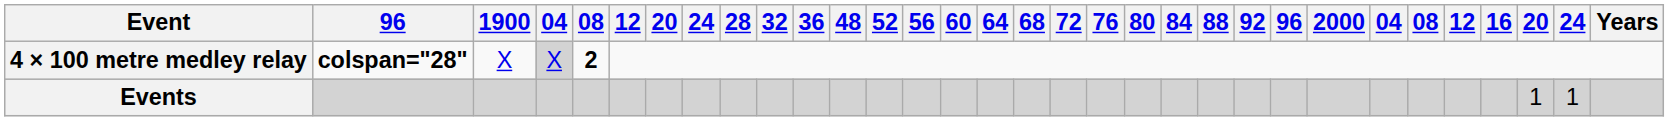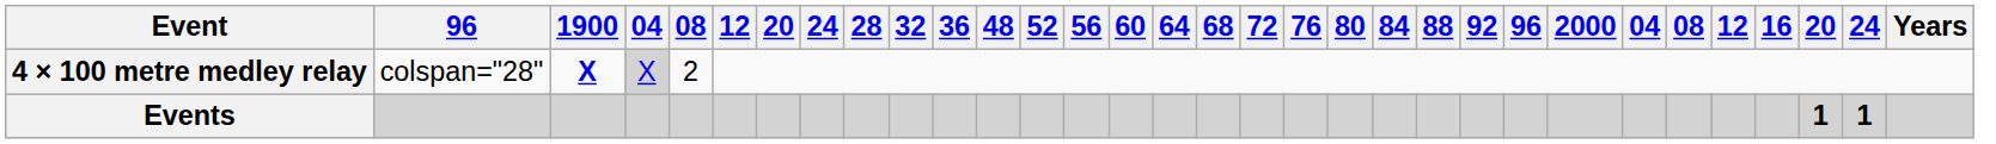 <table class="wikitable plainrowheaders sticky-table-row1 sticky-table-col1" style="text-align:center;">
 <tr>
 <th scope="col">Event</th>
 <th scope="col"><a href='#'>96</a></th>
 <th scope="col"><a href='#'>1900</a></th>
 <th scope="col"><a href='#'>04</a></th>
 <th scope="col"><a href='#'>08</a></th>
 <th scope="col"><a href='#'>12</a></th>
 <th scope="col"><a href='#'>20</a></th>
 <th scope="col"><a href='#'>24</a></th>
 <th scope="col"><a href='#'>28</a></th>
 <th scope="col"><a href='#'>32</a></th>
 <th scope="col"><a href='#'>36</a></th>
 <th scope="col"><a href='#'>48</a></th>
 <th scope="col"><a href='#'>52</a></th>
 <th scope="col"><a href='#'>56</a></th>
 <th scope="col"><a href='#'>60</a></th>
 <th scope="col"><a href='#'>64</a></th>
 <th scope="col"><a href='#'>68</a></th>
 <th scope="col"><a href='#'>72</a></th>
 <th scope="col"><a href='#'>76</a></th>
 <th scope="col"><a href='#'>80</a></th>
 <th scope="col"><a href='#'>84</a></th>
 <th scope="col"><a href='#'>88</a></th>
 <th scope="col"><a href='#'>92</a></th>
 <th scope="col"><a href='#'>96</a></th>
 <th scope="col"><a href='#'>2000</a></th>
 <th scope="col"><a href='#'>04</a></th>
 <th scope="col"><a href='#'>08</a></th>
 <th scope="col"><a href='#'>12</a></th>
 <th scope="col"><a href='#'>16</a></th>
 <th scope="col"><a href='#'>20</a></th>
 <th scope="col"><a href='#'>24</a></th>
 <th scope="col">Years</th>
 </tr>
 <tr>
 <th scope="row">4 × 100 metre medley relay</th>
-<td><strong>colspan="28"</strong></td>
-<td><a href='#'>X</a></td>
+<td>colspan="28"</td>
+<td><strong><a href='#'>X</a></strong></td>
 <td style="background: lightgrey;"><a href='#'>X</a></td>
-<td><strong>2</strong></td>
+<td>2</td>
 </tr>
 <tr style="background:lightgray">
 <th scope="row"><strong>Events</strong></th>
 <td></td>
 <td></td>
 <td></td>
 <td></td>
 <td></td>
 <td></td>
 <td></td>
 <td></td>
 <td></td>
 <td></td>
 <td></td>
 <td></td>
 <td></td>
 <td></td>
 <td></td>
 <td></td>
 <td></td>
 <td></td>
 <td></td>
 <td></td>
 <td></td>
 <td></td>
 <td></td>
 <td></td>
 <td></td>
 <td></td>
 <td></td>
 <td></td>
-<td>1</td>
-<td>1</td>
+<td><strong>1</strong></td>
+<td><strong>1</strong></td>
 <td></td>
 </tr>
 </table>
